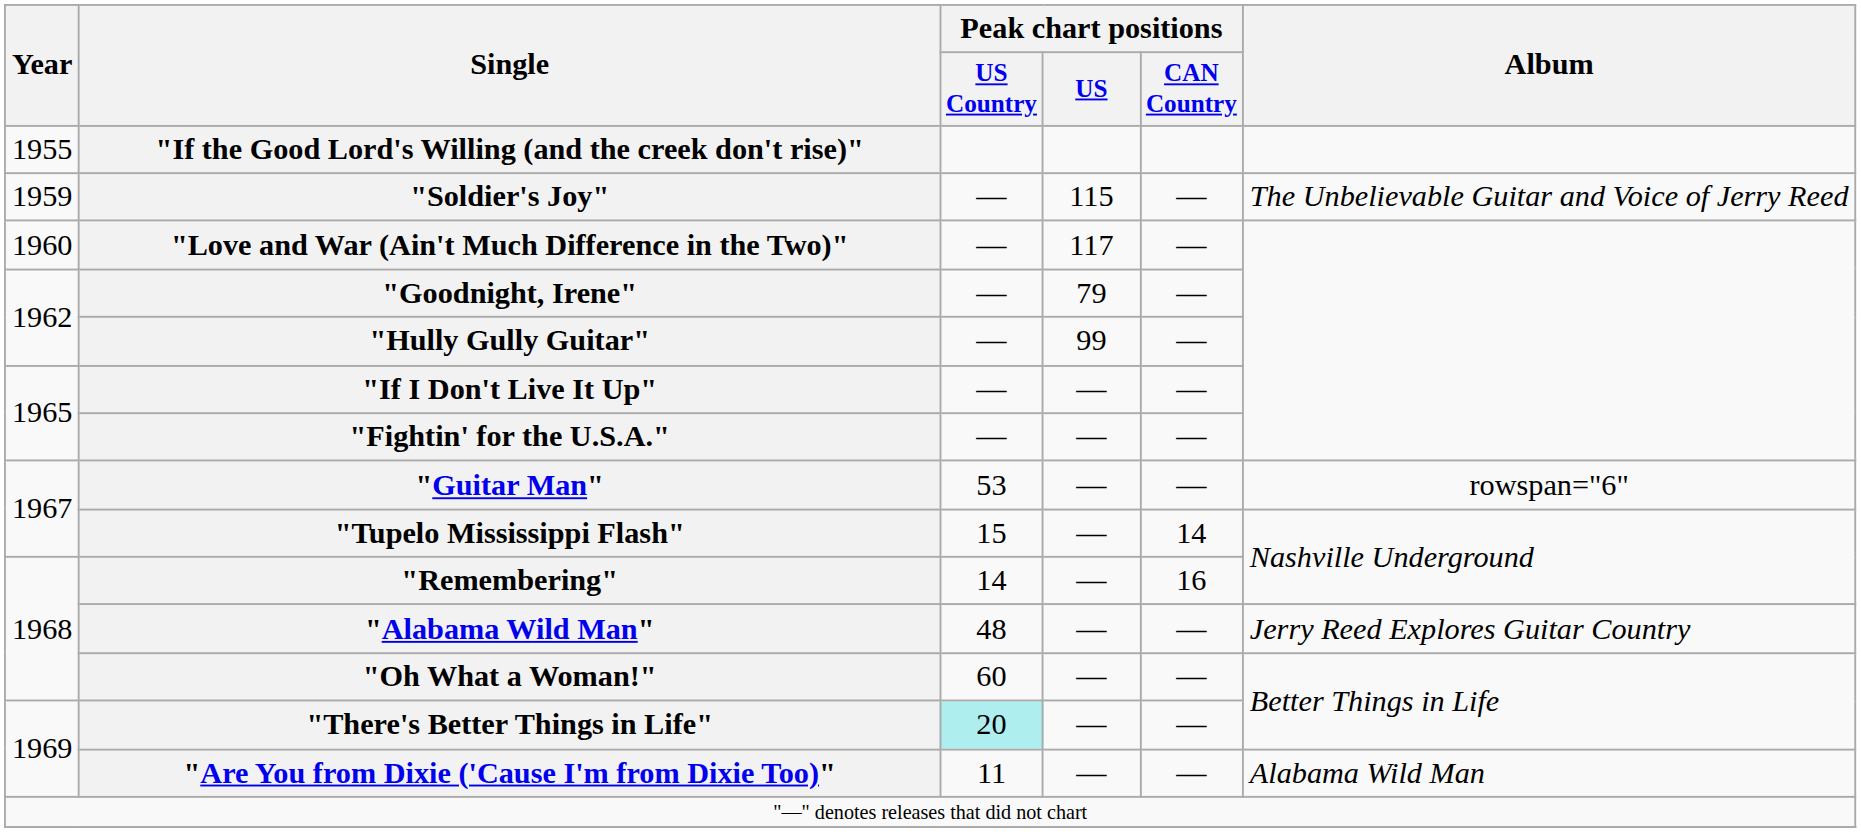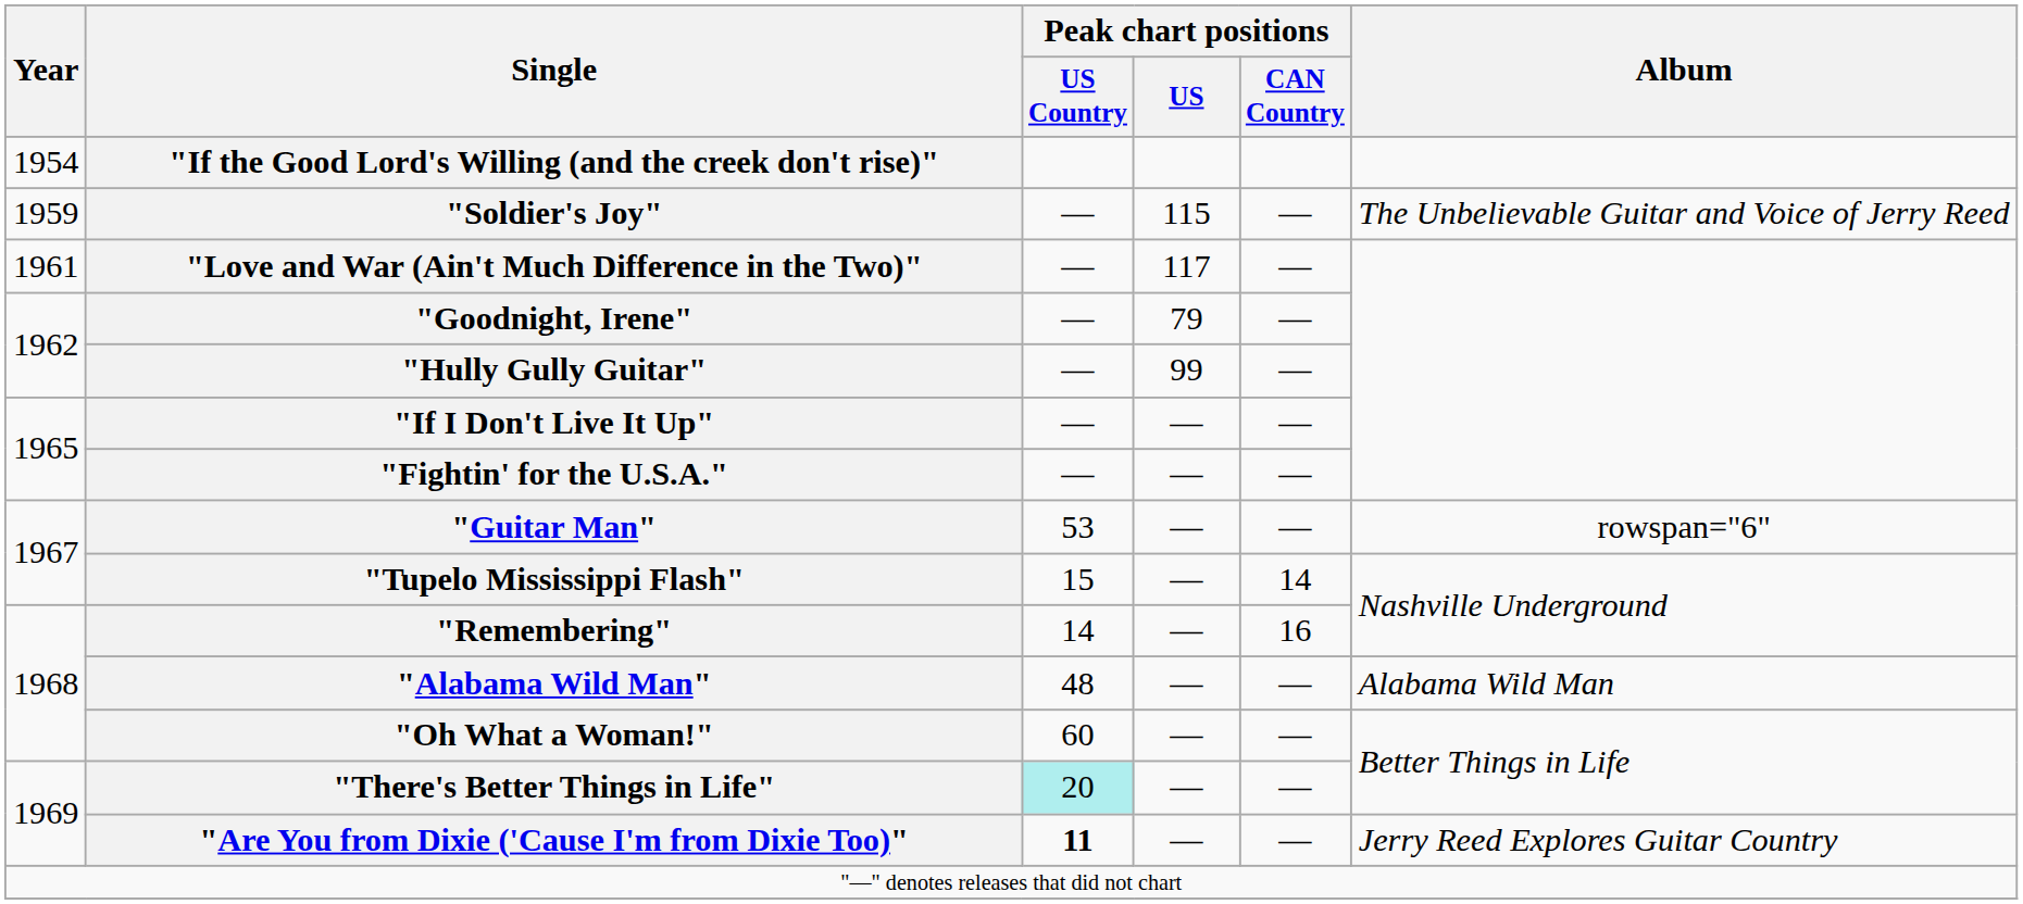 <table class="wikitable plainrowheaders" style="text-align:center;">
 <tr>
 <th rowspan="2">Year</th>
 <th rowspan="2" style="width:28em;">Single</th>
 <th colspan="3">Peak chart positions</th>
 <th rowspan="2">Album</th>
 </tr>
 <tr style="font-size:smaller;">
 <th width="45"><a href='#'>US Country</a><br></th>
 <th width="45"><a href='#'>US</a><br></th>
 <th width="45"><a href='#'>CAN Country</a><br></th>
 </tr>
 <tr>
-<td>1955</td>
+<td>1954</td>
 <th>"If the Good Lord's Willing (and the creek don't rise)"</th>
 <td></td>
 <td></td>
 <td></td>
 <td></td>
 </tr>
 <tr>
 <td>1959</td>
 <th scope="row">"Soldier's Joy"</th>
 <td>—</td>
 <td>115</td>
 <td>—</td>
 <td align="left"><em>The Unbelievable Guitar and Voice of Jerry Reed</em></td>
 </tr>
 <tr>
-<td>1960</td>
+<td>1961</td>
 <th scope="row">"Love and War (Ain't Much Difference in the Two)"</th>
 <td>—</td>
 <td>117</td>
 <td>—</td>
 </tr>
 <tr>
 <td rowspan="2">1962</td>
 <th scope="row">"Goodnight, Irene"</th>
 <td>—</td>
 <td>79</td>
 <td>—</td>
 </tr>
 <tr>
 <th scope="row">"Hully Gully Guitar"</th>
 <td>—</td>
 <td>99</td>
 <td>—</td>
 </tr>
 <tr>
 <td rowspan="2">1965</td>
 <th scope="row">"If I Don't Live It Up"</th>
 <td>—</td>
 <td>—</td>
 <td>—</td>
 </tr>
 <tr>
 <th scope="row">"Fightin' for the U.S.A."</th>
 <td>—</td>
 <td>—</td>
 <td>—</td>
 </tr>
 <tr>
 <td rowspan="2">1967</td>
 <th scope="row">"<a href='#'>Guitar Man</a>"</th>
 <td>53</td>
 <td>—</td>
 <td>—</td>
 <td>rowspan="6" </td>
 </tr>
 <tr>
 <th scope="row">"Tupelo Mississippi Flash"</th>
 <td>15</td>
 <td>—</td>
 <td>14</td>
 <td align="left" rowspan="2"><em>Nashville Underground</em></td>
 </tr>
 <tr>
 <td rowspan="3">1968</td>
 <th scope="row">"Remembering"</th>
 <td>14</td>
 <td>—</td>
 <td>16</td>
 </tr>
 <tr>
 <th scope="row">"<a href='#'>Alabama Wild Man</a>"</th>
 <td>48</td>
 <td>—</td>
 <td>—</td>
-<td align="left"><em>Jerry Reed Explores Guitar Country</em></td>
+<td align="left"><em>Alabama Wild Man</em></td>
 </tr>
 <tr>
 <th scope="row">"Oh What a Woman!"</th>
 <td>60</td>
 <td>—</td>
 <td>—</td>
 <td align="left" rowspan="2"><em>Better Things in Life</em></td>
 </tr>
 <tr>
 <td rowspan="2">1969</td>
 <th scope="row">"There's Better Things in Life"</th>
 <td style="background: paleturquoise;">20</td>
 <td>—</td>
 <td>—</td>
 </tr>
 <tr>
 <th scope="row">"<a href='#'>Are You from Dixie ('Cause I'm from Dixie Too)</a>"</th>
-<td>11</td>
+<td><strong>11</strong></td>
 <td>—</td>
 <td>—</td>
-<td align="left"><em>Alabama Wild Man</em></td>
+<td align="left"><em>Jerry Reed Explores Guitar Country</em></td>
 </tr>
 <tr>
 <td align="center" colspan="8" style="font-size:8pt">"—" denotes releases that did not chart</td>
 </tr>
 <tr>
 </tr>
 </table>
